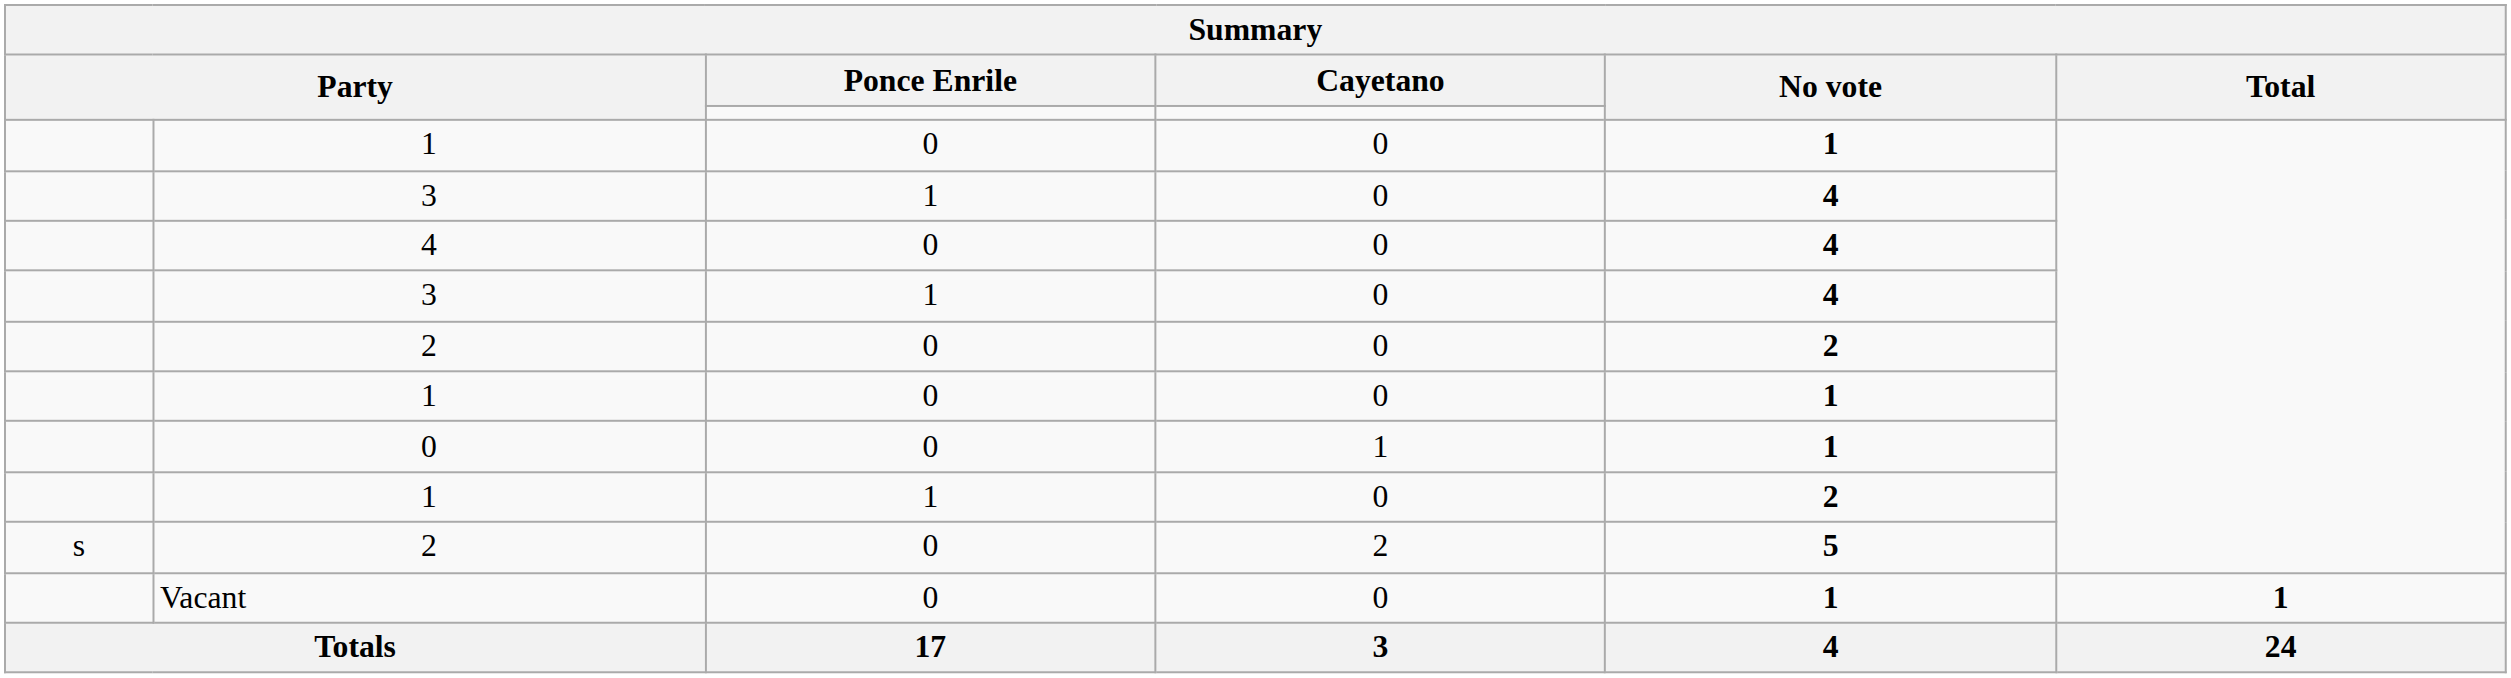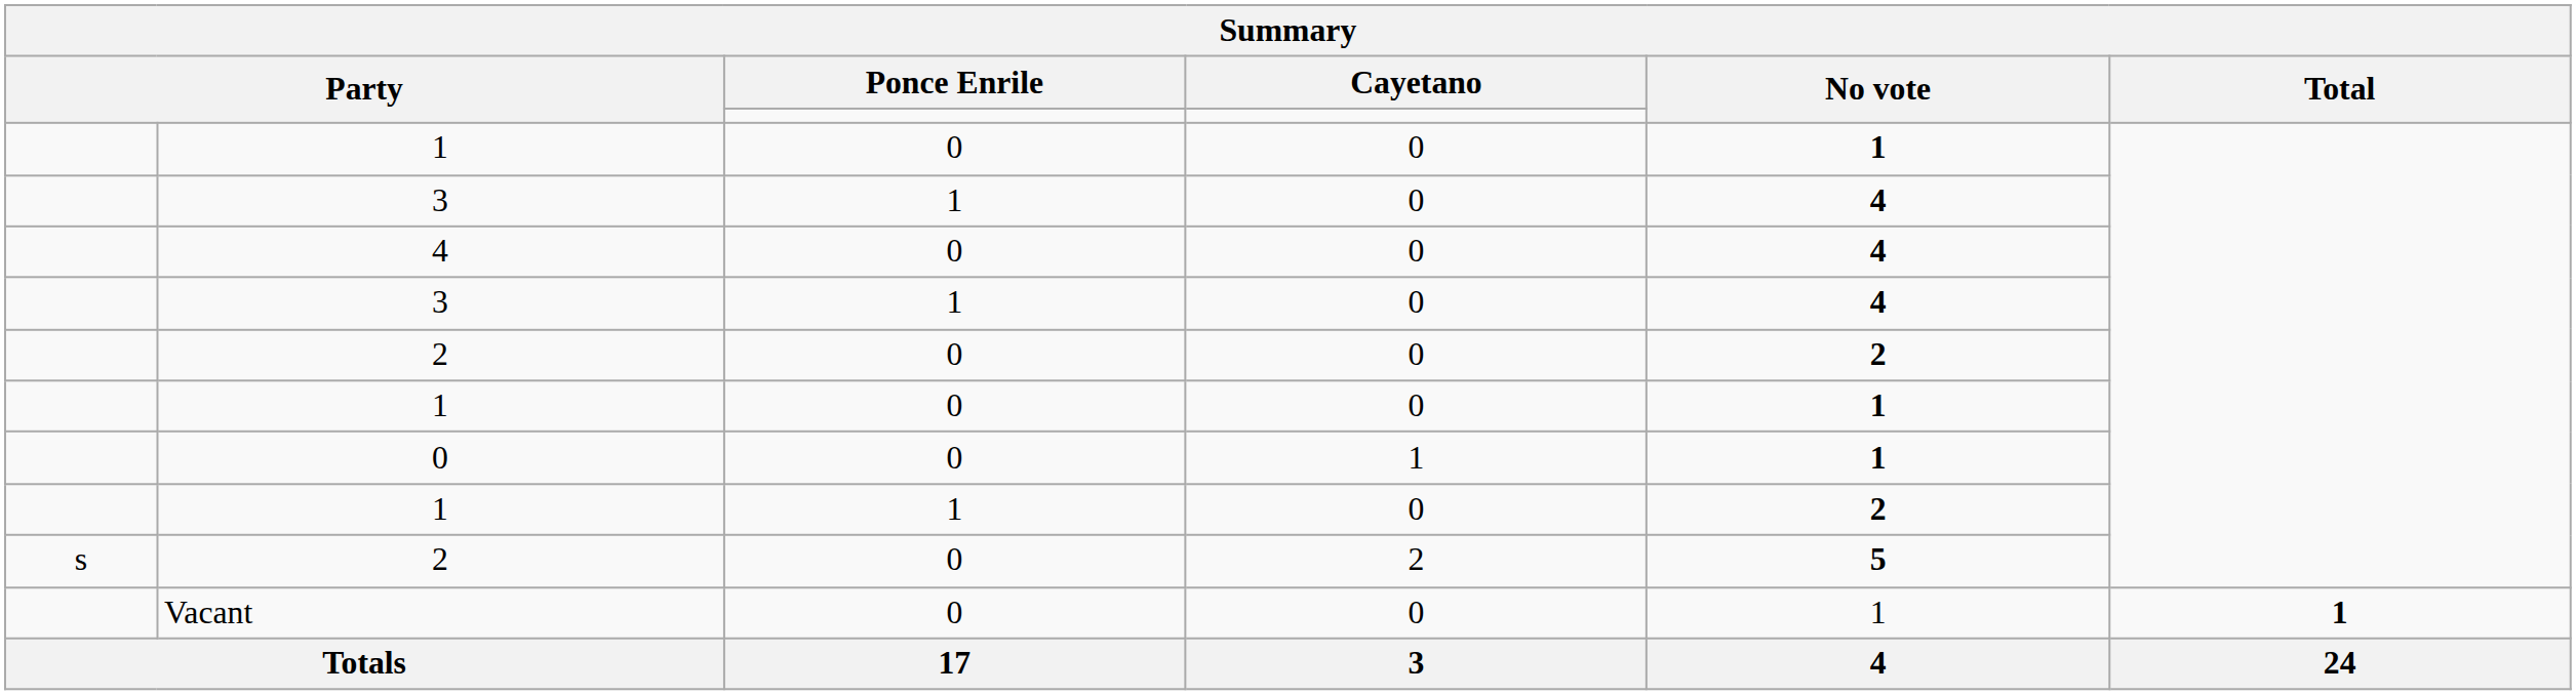 <table class=wikitable style="text-align:center;" width=100%>
 <tr>
 <th colspan=6>Summary</th>
 </tr>
 <tr>
 <th rowspan=2 colspan=2>Party</th>
 <th width=18%>Ponce Enrile</th>
 <th width=18%>Cayetano</th>
 <th width=18% rowspan=2>No vote</th>
 <th width=18% rowspan=2>Total</th>
 </tr>
 <tr>
 <td></td>
 <td></td>
 </tr>
 <tr>
 <td></td>
 <td>1</td>
 <td>0</td>
 <td>0</td>
 <td><strong>1</strong></td>
 </tr>
 <tr>
 <td></td>
 <td>3</td>
 <td>1</td>
 <td>0</td>
 <td><strong>4</strong></td>
 </tr>
 <tr>
 <td></td>
 <td>4</td>
 <td>0</td>
 <td>0</td>
 <td><strong>4</strong></td>
 </tr>
 <tr>
 <td></td>
 <td>3</td>
 <td>1</td>
 <td>0</td>
 <td><strong>4</strong></td>
 </tr>
 <tr>
 <td></td>
 <td>2</td>
 <td>0</td>
 <td>0</td>
 <td><strong>2</strong></td>
 </tr>
 <tr>
 <td></td>
 <td>1</td>
 <td>0</td>
 <td>0</td>
 <td><strong>1</strong></td>
 </tr>
 <tr>
 <td></td>
 <td>0</td>
 <td>0</td>
 <td>1</td>
 <td><strong>1</strong></td>
 </tr>
 <tr>
 <td></td>
 <td>1</td>
 <td>1</td>
 <td>0</td>
 <td><strong>2</strong></td>
 </tr>
 <tr>
 <td>s</td>
 <td>2</td>
 <td>0</td>
 <td>2</td>
 <td><strong>5</strong></td>
 </tr>
 <tr>
 <td></td>
 <td align=left>Vacant</td>
 <td>0</td>
 <td>0</td>
-<td><strong>1</strong></td>
+<td>1</td>
 <td><strong>1</strong></td>
 </tr>
 <tr>
 <th colspan=2>Totals</th>
 <th>17</th>
 <th>3</th>
 <th>4</th>
 <th>24</th>
 </tr>
 </table>
